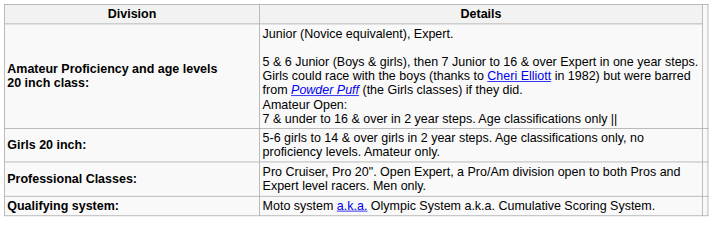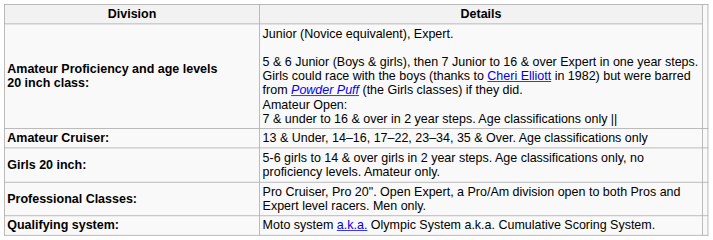 <table class="sortable wikitable" style="text-align:Left;">
 <tr>
 <th style="width:20em">Division</th>
 <th style="width:35em">Details</th>
 </tr>
 <tr>
 <td align=left><strong>Amateur Proficiency and age levels 20 inch class:</strong></td>
 <td align=left>Junior (Novice equivalent), Expert.<br><br>5 & 6 Junior (Boys & girls), then 7 Junior to 16 & over Expert in one year steps.<br> Girls could race with the boys (thanks to <a href='#'>Cheri Elliott</a> in 1982) but were barred from <em><a href='#'>Powder Puff</a></em> (the Girls classes) if they did.<br> Amateur Open:<br> 7 & under to 16 & over in 2 year steps. Age classifications only ||</td>
+</tr>
+<tr>
+<td align=left><strong>Amateur Cruiser:</strong></td>
+<td align=left>13 & Under, 14–16, 17–22, 23–34, 35 & Over. Age classifications only</td>
+<td></td>
 </tr>
 <tr>
 <td align=left><strong>Girls 20 inch:</strong></td>
 <td align=left>5-6 girls to 14 & over girls in 2 year steps. Age classifications only, no proficiency levels. Amateur only.</td>
 <td></td>
 </tr>
 <tr>
 <td align=left><strong>Professional Classes:</strong></td>
 <td align=left>Pro Cruiser, Pro 20". Open Expert, a Pro/Am division open to both Pros and Expert level racers. Men only.</td>
 <td></td>
 </tr>
 <tr>
 <td align=left><strong>Qualifying system:</strong></td>
 <td align=left>Moto system <a href='#'>a.k.a.</a> Olympic System a.k.a. Cumulative Scoring System.</td>
 <td></td>
 </tr>
 </table>
